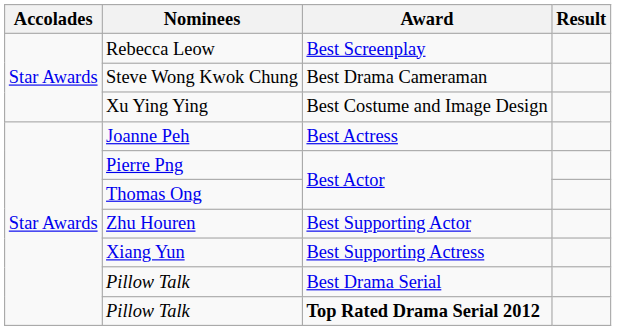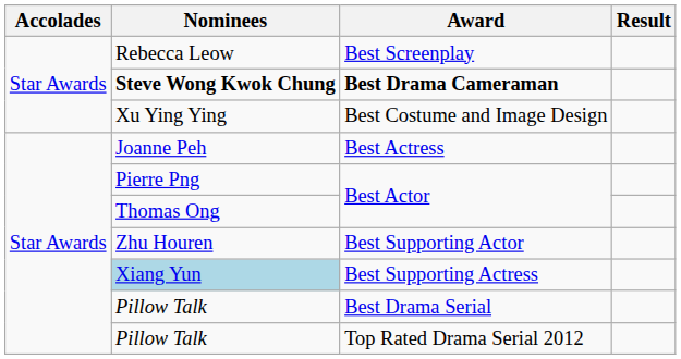 <table class="wikitable sortable">
 <tr>
 <th>Accolades</th>
 <th>Nominees</th>
 <th>Award</th>
 <th class="unsortable">Result</th>
 </tr>
 <tr>
 <td rowspan="3"><a href='#'>Star Awards</a></td>
 <td>Rebecca Leow</td>
 <td><a href='#'>Best Screenplay</a></td>
 <td></td>
 </tr>
 <tr>
-<td>Steve Wong Kwok Chung</td>
-<td>Best Drama Cameraman</td>
+<td><strong>Steve Wong Kwok Chung</strong></td>
+<td><strong>Best Drama Cameraman</strong></td>
 <td></td>
 </tr>
 <tr>
 <td>Xu Ying Ying</td>
 <td>Best Costume and Image Design</td>
 <td></td>
 </tr>
 <tr>
 <td rowspan="7"><a href='#'>Star Awards</a></td>
 <td><a href='#'>Joanne Peh</a></td>
 <td><a href='#'>Best Actress</a></td>
 <td></td>
 </tr>
 <tr>
 <td><a href='#'>Pierre Png</a></td>
 <td rowspan="2"><a href='#'>Best Actor</a></td>
 <td></td>
 </tr>
 <tr>
 <td><a href='#'>Thomas Ong</a></td>
 <td></td>
 </tr>
 <tr>
 <td><a href='#'>Zhu Houren</a></td>
 <td><a href='#'>Best Supporting Actor</a></td>
 <td></td>
 </tr>
 <tr>
-<td><a href='#'>Xiang Yun</a></td>
+<td style="background: lightblue;"><a href='#'>Xiang Yun</a></td>
 <td><a href='#'>Best Supporting Actress</a></td>
 <td></td>
 </tr>
 <tr>
 <td><em>Pillow Talk</em></td>
 <td><a href='#'>Best Drama Serial</a></td>
 <td></td>
 </tr>
 <tr>
 <td><em>Pillow Talk</em></td>
-<td><strong>Top Rated Drama Serial 2012</strong></td>
+<td>Top Rated Drama Serial 2012</td>
 <td></td>
 </tr>
 </table>
